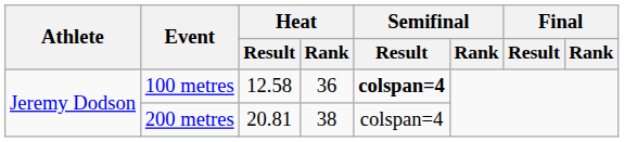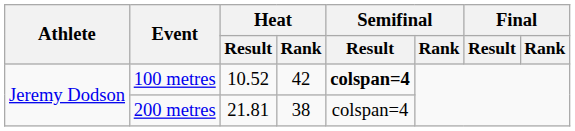 <table class=wikitable style=font-size:90%>
 <tr>
 <th rowspan=2>Athlete</th>
 <th rowspan=2>Event</th>
 <th colspan=2>Heat</th>
 <th colspan=2>Semifinal</th>
 <th colspan=2>Final</th>
 </tr>
 <tr style=font-size:95%>
 <th>Result</th>
 <th>Rank</th>
 <th>Result</th>
 <th>Rank</th>
 <th>Result</th>
 <th>Rank</th>
 </tr>
 <tr align=center>
 <td align=left rowspan=2><a href='#'>Jeremy Dodson</a></td>
 <td align=left><a href='#'>100 metres</a></td>
-<td>12.58</td>
-<td>36</td>
+<td>10.52</td>
+<td>42</td>
 <td><strong>colspan=4 </strong></td>
 </tr>
 <tr align=center>
 <td align=left><a href='#'>200 metres</a></td>
-<td>20.81</td>
+<td>21.81</td>
 <td>38</td>
 <td>colspan=4 </td>
 </tr>
 </table>
